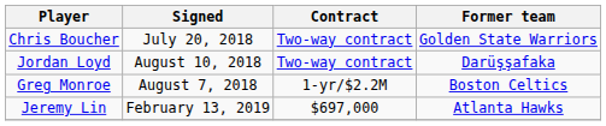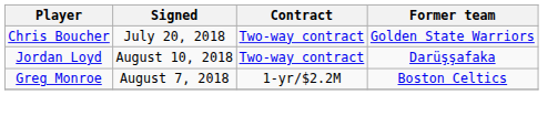 <table class="wikitable sortable sortable" style="text-align: center">
 <tr>
 <th>Player</th>
 <th>Signed</th>
 <th>Contract</th>
 <th>Former team</th>
 </tr>
 <tr>
 <td><a href='#'>Chris Boucher</a></td>
 <td>July 20, 2018</td>
 <td><a href='#'>Two-way contract</a></td>
 <td><a href='#'>Golden State Warriors</a></td>
 </tr>
 <tr>
 <td><a href='#'>Jordan Loyd</a></td>
 <td>August 10, 2018</td>
 <td><a href='#'>Two-way contract</a></td>
 <td> <a href='#'>Darüşşafaka</a></td>
 </tr>
 <tr>
 <td><a href='#'>Greg Monroe</a></td>
 <td>August 7, 2018</td>
 <td>1-yr/$2.2M</td>
 <td><a href='#'>Boston Celtics</a></td>
 </tr>
 <tr>
-<td><a href='#'>Jeremy Lin</a></td>
-<td>February 13, 2019</td>
-<td>$697,000</td>
-<td><a href='#'>Atlanta Hawks</a></td>
-</tr>
-<tr>
 </tr>
 </table>
